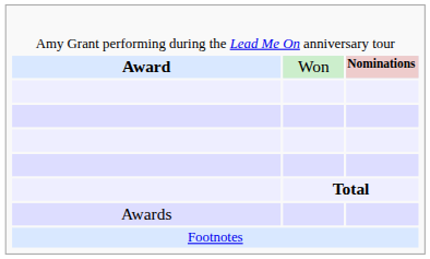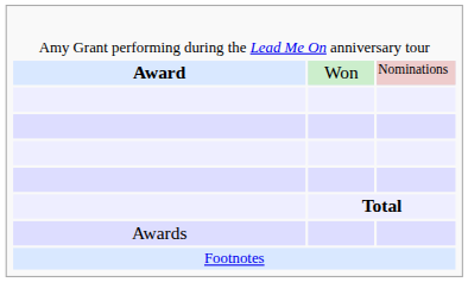 <table class="infobox" style="width: 25em; text-align: left; font-size: 90%; vertical-align: middle;">
 <tr>
 <td colspan="3" style="text-align:center;"><br><small>Amy Grant performing during the <em><a href='#'>Lead Me On</a></em> anniversary tour</small></td>
 </tr>
 <tr bgcolor=#D9E8FF>
 <td style="text-align:center;"><strong>Award</strong></td>
 <td style="text-align:center; background: #cceecc; text-size:0.9em" width=50>Won</td>
-<td style="background:#eecccc; font-size:8pt;" width="60px"><strong>Nominations</strong></td>
+<td style="background:#eecccc; font-size:8pt;" width="60px">Nominations</td>
 </tr>
 <tr bgcolor=#eeeeff>
 <td align="center"><br></td>
 <td></td>
 <td></td>
 </tr>
 <tr bgcolor=#ddddff>
 <td align="center"><br></td>
 <td></td>
 <td></td>
 </tr>
 <tr bgcolor=#eeeeff>
 <td align="center"><br></td>
 <td></td>
 <td></td>
 </tr>
 <tr bgcolor=#ddddff>
 <td align="center"><br></td>
 <td></td>
 <td></td>
 </tr>
 <tr bgcolor=#eeeeff>
 <td align="center"></td>
 <td colspan="3" style="text-align:center;"><strong>Total</strong></td>
 </tr>
 <tr bgcolor=#ddddff>
 <td style="text-align:center;">Awards</td>
 <td></td>
 <td></td>
 </tr>
 <tr bgcolor=#D9E8FF>
 <td colspan="3" style="font-size: smaller; text-align:center;"><a href='#'>Footnotes</a></td>
 </tr>
 </table>
